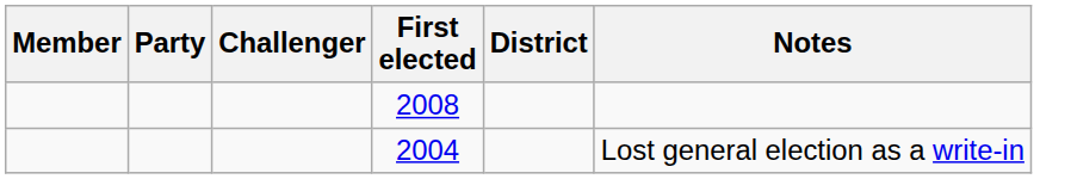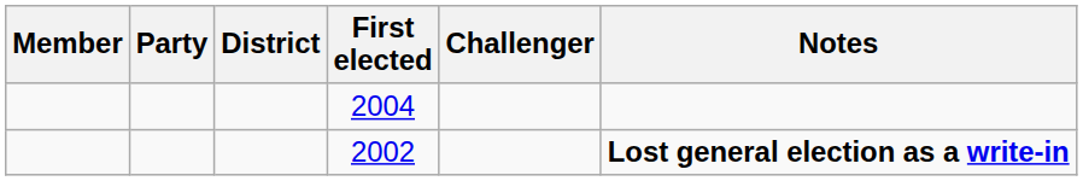 <table class="wikitable sortable" style=text-align:center>
 <tr>
 <th>Member</th>
 <th>Party</th>
+<th>District</th>
+<th>First<br>elected</th>
 <th>Challenger</th>
-<th>First<br>elected</th>
-<th>District</th>
 <th>Notes</th>
 </tr>
 <tr>
 <td></td>
 <td></td>
 <td></td>
-<td><a href='#'>2008</a></td>
+<td><a href='#'>2004</a></td>
 <td></td>
 <td></td>
 </tr>
 <tr>
 <td></td>
 <td></td>
 <td></td>
-<td><a href='#'>2004</a></td>
+<td><a href='#'>2002</a></td>
 <td></td>
-<td>Lost general election as a <a href='#'>write-in</a></td>
+<td><strong>Lost general election as a <a href='#'>write-in</a></strong></td>
 </tr>
 </table>
